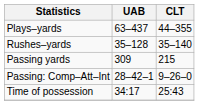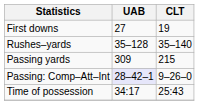 <table class="wikitable" style="float: left;">
 <tr>
 <th>Statistics</th>
 <th>UAB</th>
 <th>CLT</th>
 </tr>
 <tr>
-<td>Plays–yards</td>
-<td>63–437</td>
-<td>44–355</td>
+<td>First downs</td>
+<td>27</td>
+<td>19</td>
 </tr>
 <tr>
 <td>Rushes–yards</td>
 <td>35–128</td>
 <td>35–140</td>
 </tr>
 <tr>
 <td>Passing yards</td>
 <td>309</td>
 <td>215</td>
 </tr>
 <tr>
 <td>Passing: Comp–Att–Int</td>
-<td>28–42–1</td>
+<td style="background: lavender;">28–42–1</td>
 <td>9–26–0</td>
 </tr>
 <tr>
 <td>Time of possession</td>
 <td>34:17</td>
 <td>25:43</td>
 </tr>
 <tr>
 </tr>
 </table>
